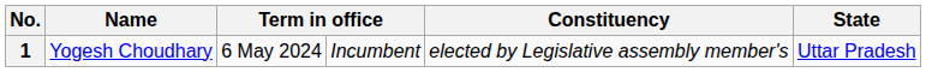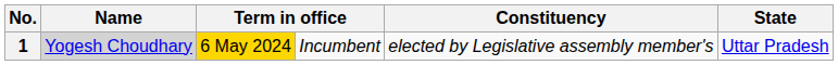 <table class="wikitable sortable">
 <tr>
 <th style="background-color:">No.</th>
 <th style="background-color:">Name</th>
 <th colspan="2" style="background-color:">Term in office</th>
 <th style="background-color:">Constituency</th>
 <th style="background-color:">State</th>
 </tr>
 <tr>
 <th>1</th>
-<td><a href='#'>Yogesh Choudhary</a></td>
-<td>6 May 2024</td>
+<td style="background: lightgrey;"><a href='#'>Yogesh Choudhary</a></td>
+<td style="background: gold;">6 May 2024</td>
 <td><em>Incumbent</em></td>
 <td><em>elected by Legislative assembly member's</em></td>
 <td><a href='#'>Uttar Pradesh</a></td>
 </tr>
 </table>
